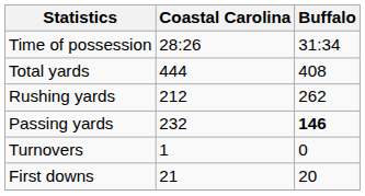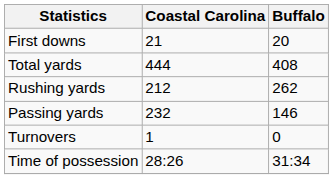 <table class="wikitable">
 <tr>
 <th>Statistics</th>
 <th>Coastal Carolina</th>
 <th>Buffalo</th>
 </tr>
 <tr>
-<td>Time of possession</td>
-<td>28:26</td>
-<td>31:34</td>
+<td>First downs</td>
+<td>21</td>
+<td>20</td>
 </tr>
 <tr>
 <td>Total yards</td>
 <td>444</td>
 <td>408</td>
 </tr>
 <tr>
 <td>Rushing yards</td>
 <td>212</td>
 <td>262</td>
 </tr>
 <tr>
 <td>Passing yards</td>
 <td>232</td>
-<td><strong>146</strong></td>
+<td>146</td>
 </tr>
 <tr>
 <td>Turnovers</td>
 <td>1</td>
 <td>0</td>
 </tr>
 <tr>
-<td>First downs</td>
-<td>21</td>
-<td>20</td>
+<td>Time of possession</td>
+<td>28:26</td>
+<td>31:34</td>
 </tr>
 <tr>
 </tr>
 </table>
